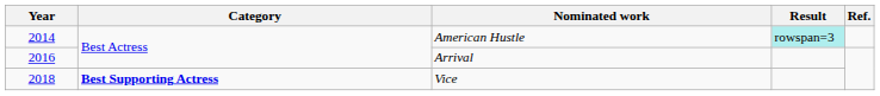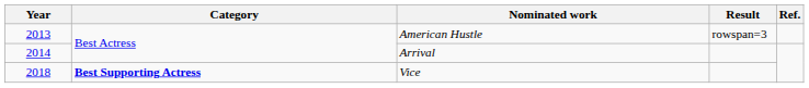 <table class=wikitable>
 <tr>
 <th scope="col" style="width:5em;">Year</th>
 <th scope="col" style="width:26em;">Category</th>
 <th scope="col" style="width:25em;">Nominated work</th>
 <th scope="col" style="width:5em;">Result</th>
 <th>Ref.</th>
 </tr>
 <tr>
-<td style="text-align:center;"><a href='#'>2014</a></td>
+<td style="text-align:center;"><a href='#'>2013</a></td>
 <td rowspan=2><a href='#'>Best Actress</a></td>
 <td><em>American Hustle</em></td>
-<td style="background: paleturquoise;">rowspan=3 </td>
+<td>rowspan=3 </td>
 <td style="text-align:center;"></td>
 </tr>
 <tr>
-<td style="text-align:center;"><a href='#'>2016</a></td>
+<td style="text-align:center;"><a href='#'>2014</a></td>
 <td><em>Arrival</em></td>
 <td style="text-align:center;"></td>
 </tr>
 <tr>
 <td style="text-align:center;"><a href='#'>2018</a></td>
 <td><strong><a href='#'>Best Supporting Actress</a></strong></td>
 <td><em>Vice</em></td>
 <td style="text-align:center;"></td>
 </tr>
 </table>
